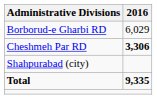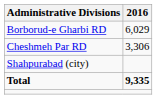 <table class="wikitable">
 <tr>
 <th>Administrative Divisions</th>
 <th>2016</th>
 </tr>
 <tr>
 <td><a href='#'>Borborud-e Gharbi RD</a></td>
 <td style="text-align: right;">6,029</td>
 </tr>
 <tr>
 <td><a href='#'>Cheshmeh Par RD</a></td>
-<td style="text-align: right;"><strong>3,306</strong></td>
+<td style="text-align: right;">3,306</td>
 </tr>
 <tr>
 <td><a href='#'>Shahpurabad</a> (city)</td>
 <td style="text-align: right;"></td>
 </tr>
 <tr>
 <td><strong>Total</strong></td>
 <td style="text-align: right;"><strong>9,335</strong></td>
 </tr>
 <tr>
 <td colspan=2></td>
 </tr>
 </table>
